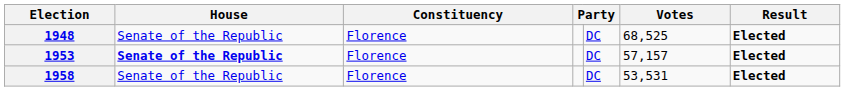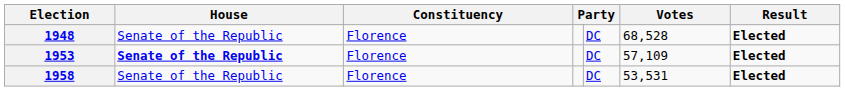 <table class=wikitable style="width:55%; border:1px #AAAAFF solid">
 <tr>
 <th width=12%>Election</th>
 <th width=25%>House</th>
 <th width=25%>Constituency</th>
 <th width=5% colspan="2">Party</th>
 <th width=12%>Votes</th>
 <th width=12%>Result</th>
 </tr>
 <tr>
 <th><a href='#'>1948</a></th>
 <td><a href='#'>Senate of the Republic</a></td>
 <td><a href='#'>Florence</a></td>
 <td></td>
 <td><a href='#'>DC</a></td>
-<td>68,525</td>
+<td>68,528</td>
 <td> <strong>Elected</strong></td>
 </tr>
 <tr>
 <th><a href='#'>1953</a></th>
 <td><strong><a href='#'>Senate of the Republic</a></strong></td>
 <td><a href='#'>Florence</a></td>
 <td></td>
 <td><a href='#'>DC</a></td>
-<td>57,157</td>
+<td>57,109</td>
 <td> <strong>Elected</strong></td>
 </tr>
 <tr>
 <th><a href='#'>1958</a></th>
 <td><a href='#'>Senate of the Republic</a></td>
 <td><a href='#'>Florence</a></td>
 <td></td>
 <td><a href='#'>DC</a></td>
 <td>53,531</td>
 <td> <strong>Elected</strong></td>
 </tr>
 </table>
